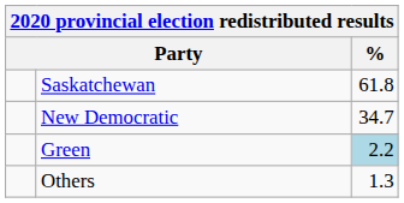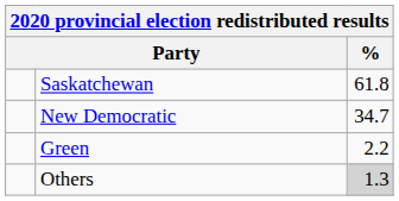 <table class="wikitable">
 <tr>
 <th colspan="4"><a href='#'>2020 provincial election</a> redistributed results</th>
 </tr>
 <tr>
 <th bgcolor="#DDDDFF" width="130px" colspan="2">Party</th>
 <th bgcolor="#DDDDFF" width="30px">%</th>
 </tr>
 <tr>
 <td> </td>
 <td><a href='#'>Saskatchewan</a></td>
 <td align=right>61.8</td>
 </tr>
 <tr>
 <td> </td>
 <td><a href='#'>New Democratic</a></td>
 <td align=right>34.7</td>
 </tr>
 <tr>
 <td> </td>
 <td><a href='#'>Green</a></td>
-<td align=right style="background: lightblue;">2.2</td>
+<td align=right>2.2</td>
 </tr>
 <tr>
 <td> </td>
 <td>Others</td>
-<td align=right>1.3</td>
+<td align=right style="background: lightgrey;">1.3</td>
 </tr>
 </table>
